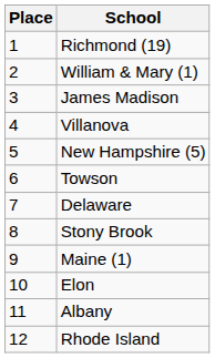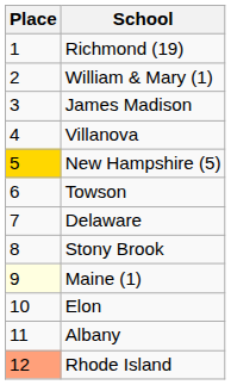 <table Class="wikitable">
 <tr align=center>
 <th>Place</th>
 <th>School</th>
 </tr>
 <tr>
 <td>1</td>
 <td>Richmond (19)</td>
 </tr>
 <tr>
 <td>2</td>
 <td>William & Mary (1)</td>
 </tr>
 <tr>
 <td>3</td>
 <td>James Madison</td>
 </tr>
 <tr>
 <td>4</td>
 <td>Villanova</td>
 </tr>
 <tr>
-<td>5</td>
+<td style="background: gold;">5</td>
 <td>New Hampshire (5)</td>
 </tr>
 <tr>
 <td>6</td>
 <td>Towson</td>
 </tr>
 <tr>
 <td>7</td>
 <td>Delaware</td>
 </tr>
 <tr>
 <td>8</td>
 <td>Stony Brook</td>
 </tr>
 <tr>
-<td>9</td>
+<td style="background: lightyellow;">9</td>
 <td>Maine (1)</td>
 </tr>
 <tr>
 <td>10</td>
 <td>Elon</td>
 </tr>
 <tr>
 <td>11</td>
 <td>Albany</td>
 </tr>
 <tr>
-<td>12</td>
+<td style="background: lightsalmon;">12</td>
 <td>Rhode Island</td>
 </tr>
 </table>
